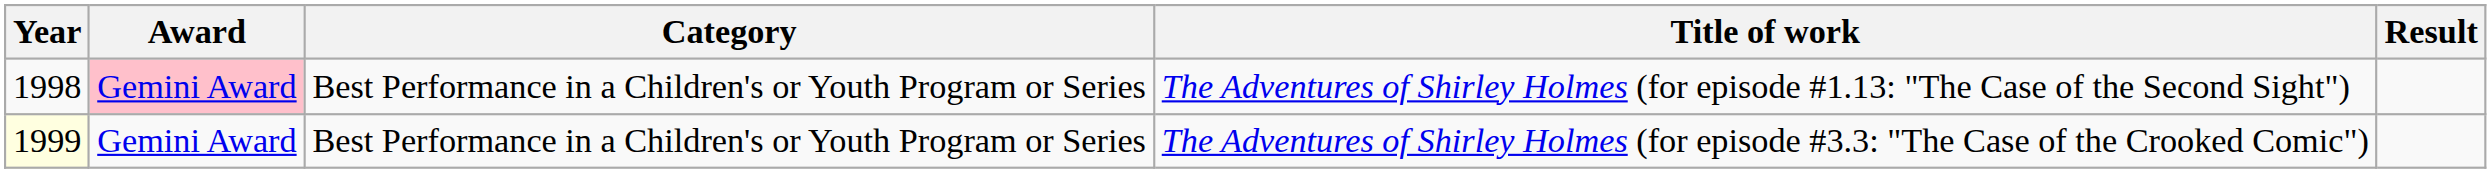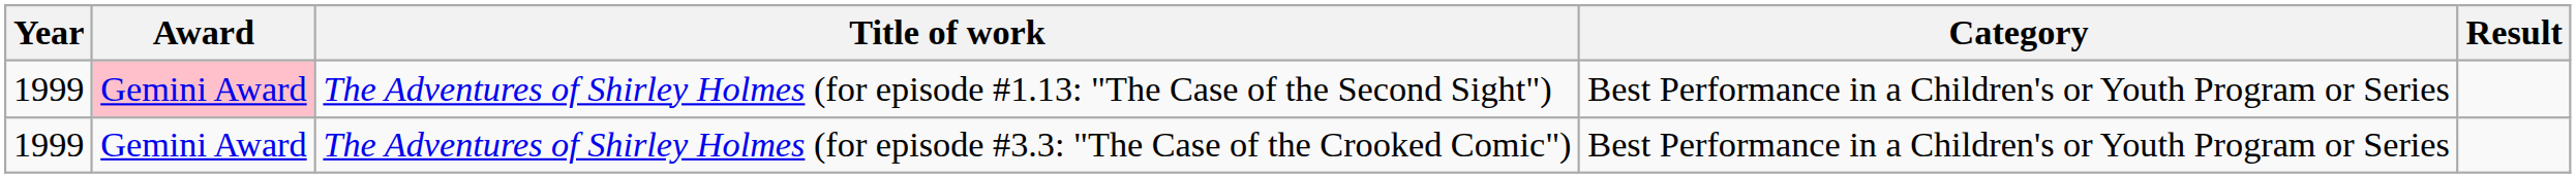 <table class="wikitable sortable">
 <tr>
 <th>Year</th>
 <th>Award</th>
+<th>Title of work</th>
 <th>Category</th>
-<th>Title of work</th>
 <th>Result</th>
 </tr>
 <tr>
-<td>1998</td>
+<td>1999</td>
 <td style="background: pink;"><a href='#'>Gemini Award</a></td>
+<td><em><a href='#'>The Adventures of Shirley Holmes</a></em> (for episode #1.13: "The Case of the Second Sight")</td>
 <td>Best Performance in a Children's or Youth Program or Series</td>
-<td><em><a href='#'>The Adventures of Shirley Holmes</a></em> (for episode #1.13: "The Case of the Second Sight")</td>
 <td></td>
 </tr>
 <tr>
-<td style="background: lightyellow;">1999</td>
+<td>1999</td>
 <td><a href='#'>Gemini Award</a></td>
+<td><em><a href='#'>The Adventures of Shirley Holmes</a></em> (for episode #3.3: "The Case of the Crooked Comic")</td>
 <td>Best Performance in a Children's or Youth Program or Series</td>
-<td><em><a href='#'>The Adventures of Shirley Holmes</a></em> (for episode #3.3: "The Case of the Crooked Comic")</td>
 <td></td>
 </tr>
 </table>
